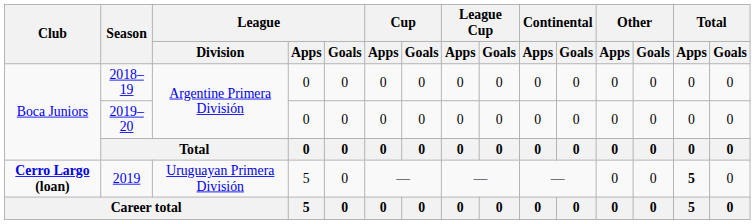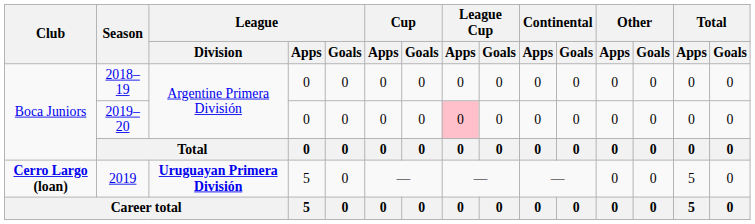 <table class="wikitable" style="text-align:center">
 <tr>
 <th rowspan="2">Club</th>
 <th rowspan="2">Season</th>
 <th colspan="3">League</th>
 <th colspan="2">Cup</th>
 <th colspan="2">League Cup</th>
 <th colspan="2">Continental</th>
 <th colspan="2">Other</th>
 <th colspan="2">Total</th>
 </tr>
 <tr>
 <th>Division</th>
 <th>Apps</th>
 <th>Goals</th>
 <th>Apps</th>
 <th>Goals</th>
 <th>Apps</th>
 <th>Goals</th>
 <th>Apps</th>
 <th>Goals</th>
 <th>Apps</th>
 <th>Goals</th>
 <th>Apps</th>
 <th>Goals</th>
 </tr>
 <tr>
 <td rowspan="3"><a href='#'>Boca Juniors</a></td>
 <td><a href='#'>2018–19</a></td>
 <td rowspan="2"><a href='#'>Argentine Primera División</a></td>
 <td>0</td>
 <td>0</td>
 <td>0</td>
 <td>0</td>
 <td>0</td>
 <td>0</td>
 <td>0</td>
 <td>0</td>
 <td>0</td>
 <td>0</td>
 <td>0</td>
 <td>0</td>
 </tr>
 <tr>
 <td><a href='#'>2019–20</a></td>
 <td>0</td>
 <td>0</td>
 <td>0</td>
 <td>0</td>
-<td>0</td>
+<td style="background: pink;">0</td>
 <td>0</td>
 <td>0</td>
 <td>0</td>
 <td>0</td>
 <td>0</td>
 <td>0</td>
 <td>0</td>
 </tr>
 <tr>
 <th colspan="2">Total</th>
 <th>0</th>
 <th>0</th>
 <th>0</th>
 <th>0</th>
 <th>0</th>
 <th>0</th>
 <th>0</th>
 <th>0</th>
 <th>0</th>
 <th>0</th>
 <th>0</th>
 <th>0</th>
 </tr>
 <tr>
 <td rowspan="1"><strong><a href='#'>Cerro Largo</a> (loan)</strong></td>
 <td><a href='#'>2019</a></td>
-<td rowspan="1"><a href='#'>Uruguayan Primera División</a></td>
+<td rowspan="1"><strong><a href='#'>Uruguayan Primera División</a></strong></td>
 <td>5</td>
 <td>0</td>
 <td colspan="2">—</td>
 <td colspan="2">—</td>
 <td colspan="2">—</td>
 <td>0</td>
 <td>0</td>
-<td><strong>5</strong></td>
+<td>5</td>
 <td>0</td>
 </tr>
 <tr>
 <th colspan="3">Career total</th>
 <th>5</th>
 <th>0</th>
 <th>0</th>
 <th>0</th>
 <th>0</th>
 <th>0</th>
 <th>0</th>
 <th>0</th>
 <th>0</th>
 <th>0</th>
 <th>5</th>
 <th>0</th>
 </tr>
 </table>
